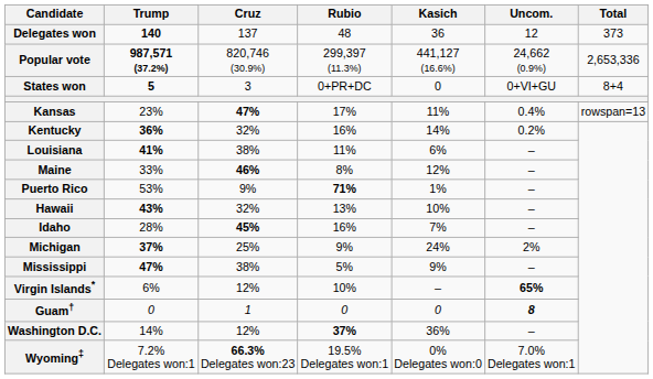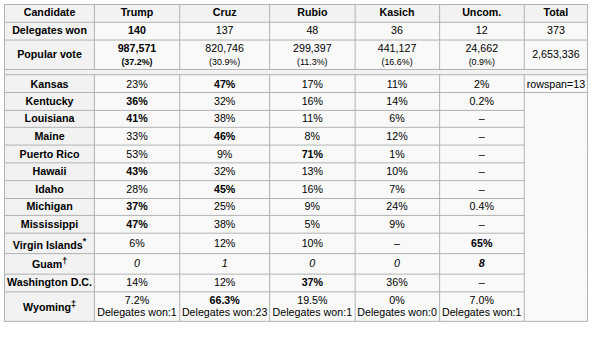 <table class="wikitable" style="font-size:12px; text-align: center;">
 <tr>
 <th>Candidate</th>
 <th><strong>Trump</strong></th>
 <th>Cruz</th>
 <th>Rubio</th>
 <th>Kasich</th>
 <th>Uncom.</th>
 <th>Total</th>
 </tr>
 <tr>
 <th scope="row">Delegates won</th>
 <td><strong>140</strong>  </td>
 <td>    137  </td>
 <td>   48  </td>
 <td> 36  </td>
 <td> 12   </td>
 <td>373</td>
 </tr>
 <tr>
 <th scope="row">Popular vote  </th>
 <td><strong>987,571<br><small>(37.2%)</small></strong>   </td>
 <td>    820,746<br><small>(30.9%)</small>   </td>
 <td>   299,397<br><small>(11.3%)</small>   </td>
 <td> 441,127<br><small>(16.6%)</small>   </td>
 <td> 24,662<br><small>(0.9%)</small></td>
 <td>2,653,336 </td>
 </tr>
 <tr>
-<th scope="row">States won</th>
-<td><strong>5</strong>  </td>
-<td>3   </td>
-<td>0+PR+DC </td>
-<td>0 </td>
-<td> 0+VI+GU </td>
-<td>8+4</td>
-</tr>
-<tr>
 <th scope="row" colspan="7"></th>
 </tr>
 <tr>
 <th scope="row">Kansas</th>
 <td>23%</td>
 <td><strong>47%</strong></td>
 <td>17%</td>
 <td>11%</td>
-<td> 0.4%</td>
+<td> 2%</td>
 <td>rowspan=13 </td>
 </tr>
 <tr>
 <th scope="row">Kentucky</th>
 <td><strong>36%</strong></td>
 <td>32%</td>
 <td>16%</td>
 <td>14%</td>
 <td> 0.2%</td>
 </tr>
 <tr>
 <th scope="row">Louisiana</th>
 <td><strong>41%</strong></td>
 <td>38%</td>
 <td>11%</td>
 <td>6%</td>
 <td> –</td>
 </tr>
 <tr>
 <th scope="row">Maine</th>
 <td>33%</td>
 <td><strong>46%</strong></td>
 <td>8%</td>
 <td>12%</td>
 <td> –</td>
 </tr>
 <tr>
 <th scope="row">Puerto Rico</th>
 <td>53% </td>
 <td>9%</td>
 <td><strong>71%</strong> </td>
 <td>1%</td>
 <td> –</td>
 </tr>
 <tr>
 <th scope="row">Hawaii</th>
 <td><strong>43%</strong></td>
 <td>32%</td>
 <td>13%</td>
 <td>10%</td>
 <td> –</td>
 </tr>
 <tr>
 <th scope="row">Idaho</th>
 <td>28%</td>
 <td><strong>45%</strong></td>
 <td>16%</td>
 <td>7%</td>
 <td> –</td>
 </tr>
 <tr>
 <th scope="row">Michigan</th>
 <td><strong>37%</strong></td>
 <td>25%    </td>
 <td>9%</td>
 <td>24% </td>
-<td> 2%</td>
+<td> 0.4%</td>
 </tr>
 <tr>
 <th scope="row">Mississippi</th>
 <td><strong>47%</strong></td>
 <td>38%</td>
 <td>5%</td>
 <td>9%</td>
 <td> –</td>
 </tr>
 <tr>
 <th scope="row">Virgin Islands<sup>*</sup></th>
 <td>6%</td>
 <td>12%</td>
 <td>10%</td>
 <td>–</td>
 <td><strong>65%</strong></td>
 </tr>
 <tr>
 <th scope="row">Guam<sup>†</sup></th>
 <td><em>0</em></td>
 <td><em>1</em> </td>
 <td><em>0</em></td>
 <td><em>0</em></td>
 <td><strong><em>8</em></strong></td>
 </tr>
 <tr>
 <th scope="row">Washington D.C.</th>
 <td>14%</td>
 <td>12%</td>
 <td><strong>37%</strong></td>
 <td>36%</td>
 <td>–</td>
 </tr>
 <tr>
 <th scope="row">Wyoming<sup>‡</sup></th>
 <td>7.2%<br>Delegates won:1</td>
 <td><strong>66.3%</strong><br>Delegates won:23</td>
 <td>19.5%<br>Delegates won:1</td>
 <td>0%<br>Delegates won:0</td>
 <td>7.0%<br>Delegates won:1</td>
 </tr>
 </table>
